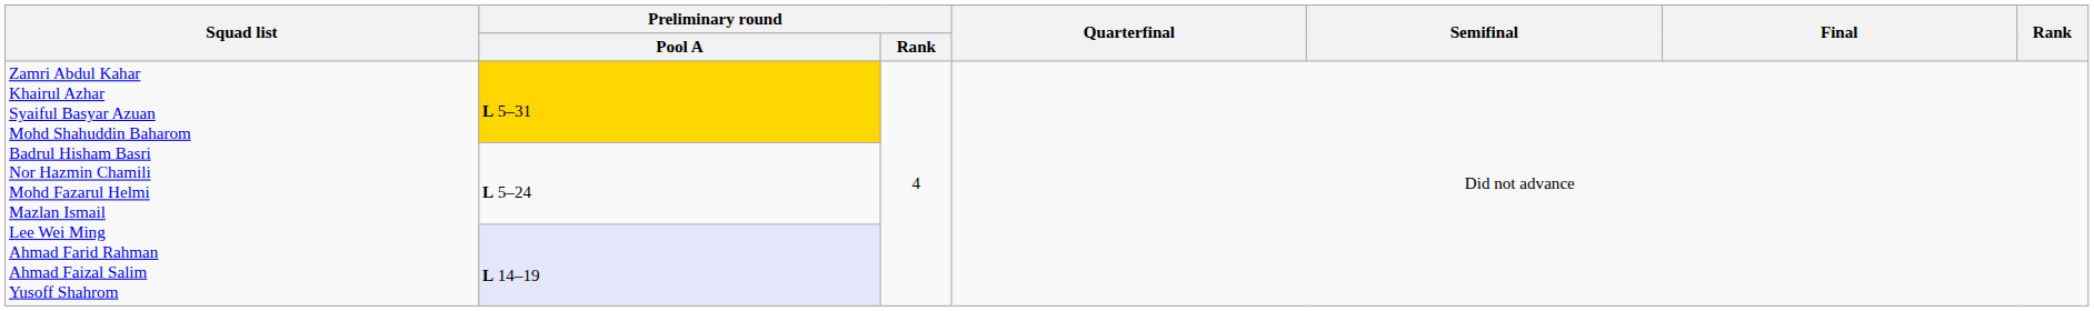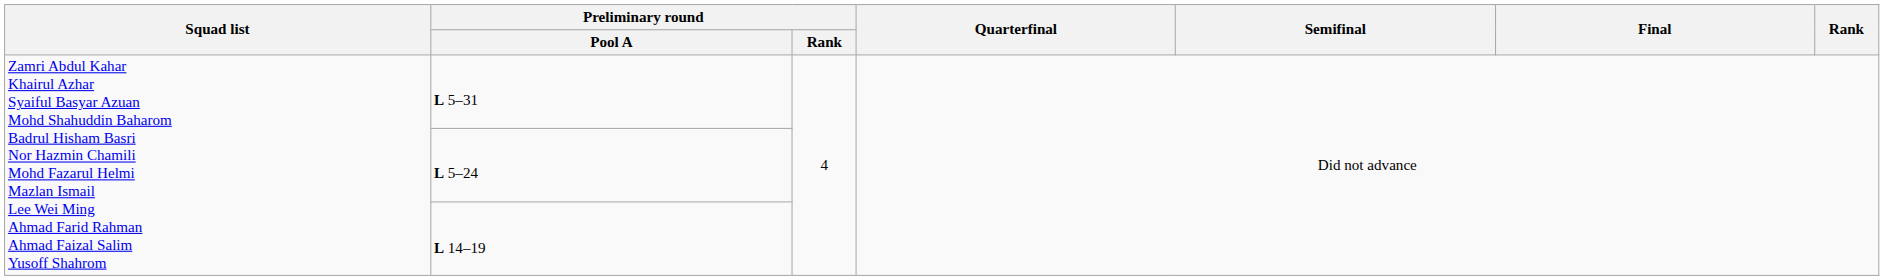 <table class="wikitable" width="90%" style="text-align:center; font-size:90%">
 <tr>
 <th rowspan="2" width="20%">Squad list</th>
 <th colspan="2" width="20%">Preliminary round</th>
 <th rowspan="2" width="15%">Quarterfinal</th>
 <th rowspan="2" width="15%">Semifinal</th>
 <th rowspan="2" width="15%">Final</th>
 <th rowspan="2" width="3%">Rank</th>
 </tr>
 <tr>
 <th width="17%">Pool A</th>
 <th width="3%">Rank</th>
 </tr>
 <tr>
 <td rowspan=3 align="left"><a href='#'>Zamri Abdul Kahar</a><br><a href='#'>Khairul Azhar</a><br><a href='#'>Syaiful Basyar Azuan</a><br><a href='#'>Mohd Shahuddin Baharom</a><br><a href='#'>Badrul Hisham Basri</a><br><a href='#'>Nor Hazmin Chamili</a><br><a href='#'>Mohd Fazarul Helmi</a><br><a href='#'>Mazlan Ismail</a><br><a href='#'>Lee Wei Ming</a><br><a href='#'>Ahmad Farid Rahman</a><br><a href='#'>Ahmad Faizal Salim</a><br><a href='#'>Yusoff Shahrom</a></td>
-<td align="left" style="background: gold;"><br><strong>L</strong> 5–31</td>
+<td align="left"><br><strong>L</strong> 5–31</td>
 <td rowspan=3>4</td>
 <td rowspan=3 colspan=4 align=center>Did not advance</td>
 </tr>
 <tr>
 <td align="left"><br><strong>L</strong> 5–24</td>
 </tr>
 <tr>
-<td align="left" style="background: lavender;"><br><strong>L</strong> 14–19</td>
+<td align="left"><br><strong>L</strong> 14–19</td>
 </tr>
 </table>
